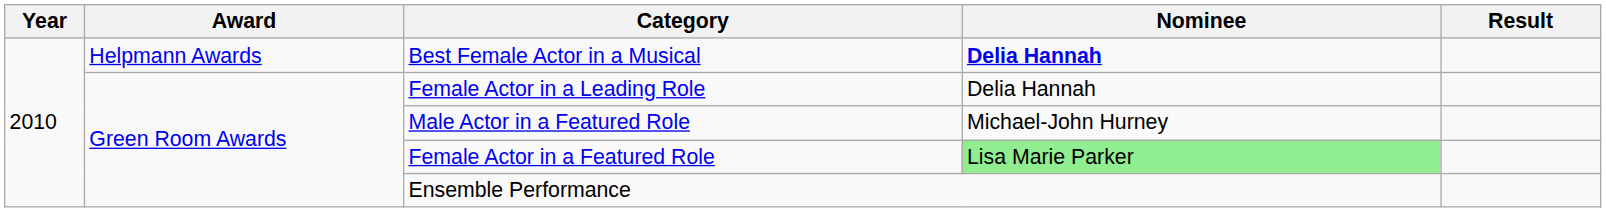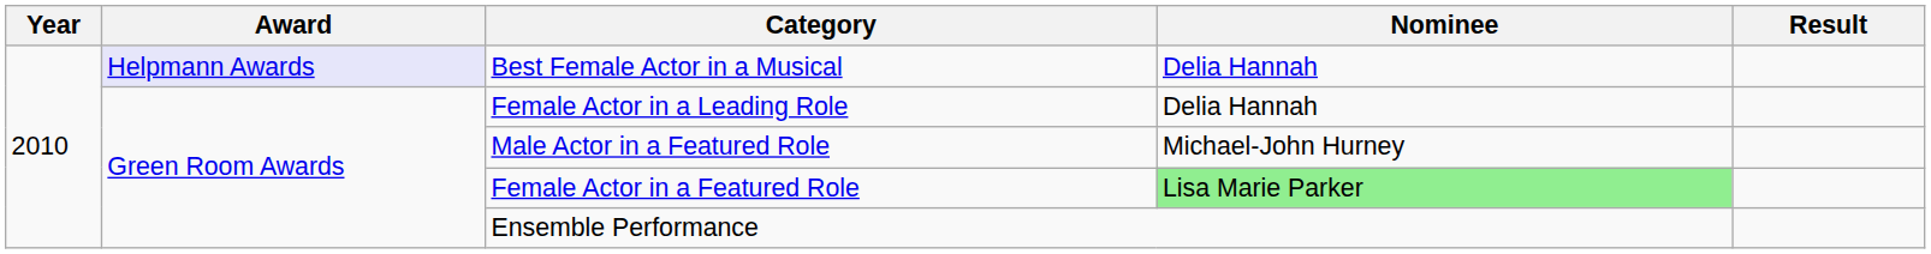 <table class="wikitable" style="width:95%;">
 <tr>
 <th width=5%>Year</th>
 <th style="width:20%;">Award</th>
 <th style="width:35%;">Category</th>
 <th style="width:30%;">Nominee</th>
 <th style="width:10%;">Result</th>
 </tr>
 <tr>
 <td rowspan="5">2010</td>
-<td><a href='#'>Helpmann Awards</a></td>
+<td style="background: lavender;"><a href='#'>Helpmann Awards</a></td>
 <td><a href='#'>Best Female Actor in a Musical</a></td>
-<td><strong><a href='#'>Delia Hannah</a></strong></td>
+<td><a href='#'>Delia Hannah</a></td>
 <td></td>
 </tr>
 <tr>
 <td rowspan="4"><a href='#'>Green Room Awards</a></td>
 <td><a href='#'>Female Actor in a Leading Role</a></td>
 <td>Delia Hannah</td>
 <td></td>
 </tr>
 <tr>
 <td><a href='#'>Male Actor in a Featured Role</a></td>
 <td>Michael-John Hurney</td>
 <td></td>
 </tr>
 <tr>
 <td><a href='#'>Female Actor in a Featured Role</a></td>
 <td style="background: lightgreen;">Lisa Marie Parker</td>
 <td></td>
 </tr>
 <tr>
 <td colspan="2">Ensemble Performance</td>
 <td></td>
 </tr>
 </table>
